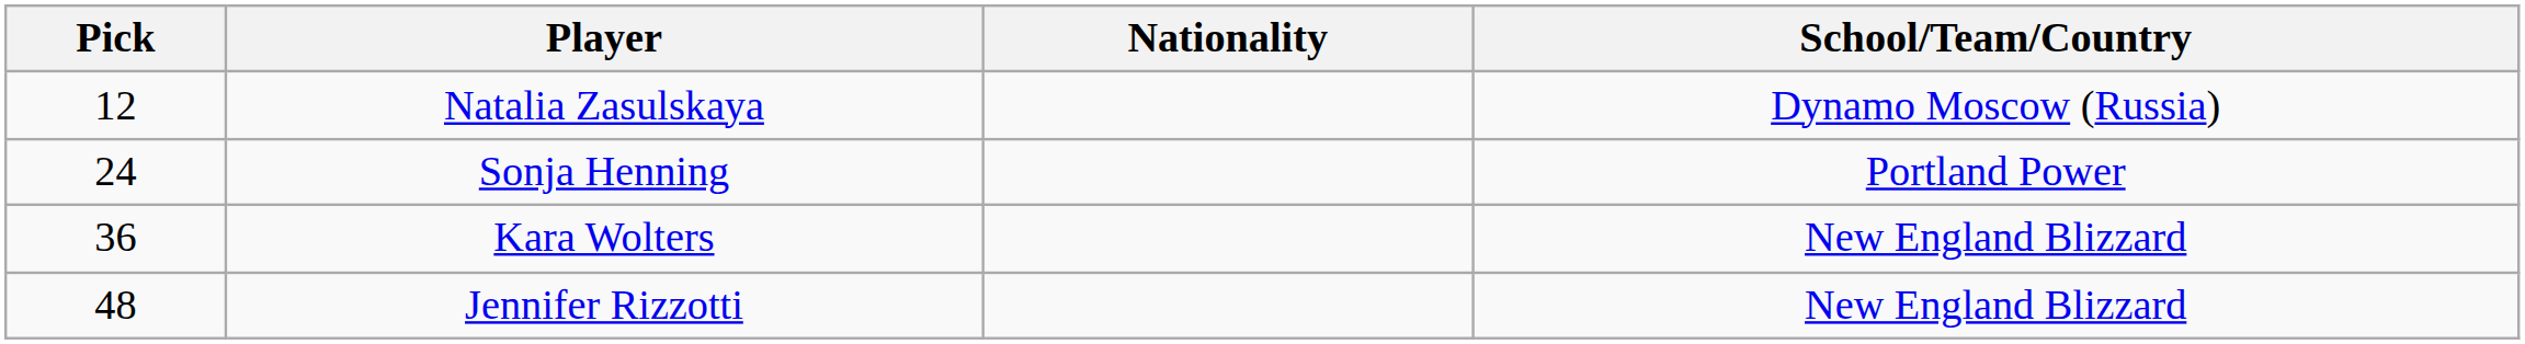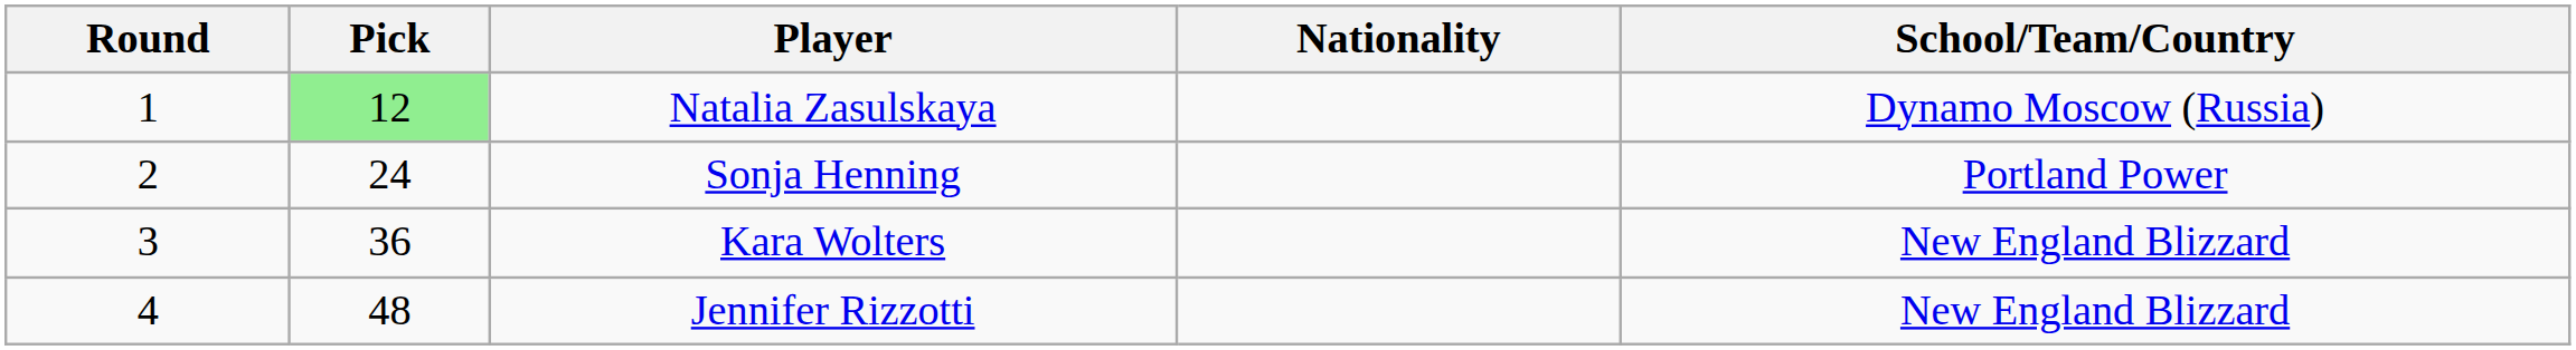 <table class="wikitable" style="text-align:center; width:60em">
 <tr>
+<th>Round</th>
 <th>Pick</th>
 <th>Player</th>
 <th>Nationality</th>
 <th>School/Team/Country</th>
 </tr>
 <tr>
-<td>12</td>
+<td>1</td>
+<td style="background: lightgreen;">12</td>
 <td><a href='#'>Natalia Zasulskaya</a></td>
 <td></td>
 <td><a href='#'>Dynamo Moscow</a> (<a href='#'>Russia</a>)</td>
 </tr>
 <tr>
+<td>2</td>
 <td>24</td>
 <td><a href='#'>Sonja Henning</a></td>
 <td></td>
 <td><a href='#'>Portland Power</a></td>
 </tr>
 <tr>
+<td>3</td>
 <td>36</td>
 <td><a href='#'>Kara Wolters</a></td>
 <td></td>
 <td><a href='#'>New England Blizzard</a></td>
 </tr>
 <tr>
+<td>4</td>
 <td>48</td>
 <td><a href='#'>Jennifer Rizzotti</a></td>
 <td></td>
 <td><a href='#'>New England Blizzard</a></td>
 </tr>
 </table>
